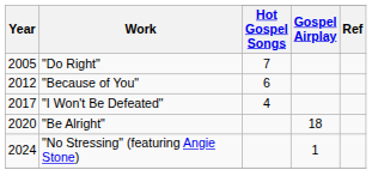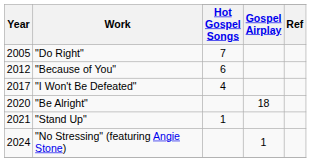 <table class="wikitable">
 <tr>
 <th rowspan="2">Year</th>
 <th width="250" rowspan="2">Work</th>
 </tr>
 <tr>
 <th width="36"><a href='#'>Hot Gospel Songs</a></th>
 <th width="36"><a href='#'>Gospel Airplay</a></th>
 <th width="20">Ref</th>
 </tr>
 <tr>
 <td rowspan="1">2005</td>
 <td>"Do Right"</td>
 <td align="center">7</td>
 <td align="center"></td>
 <td></td>
 </tr>
 <tr>
 <td rowspan="1">2012</td>
 <td>"Because of You"</td>
 <td align="center">6</td>
 <td align="center"></td>
 <td></td>
 </tr>
 <tr>
 <td rowspan="1">2017</td>
 <td>"I Won't Be Defeated"</td>
 <td align="center">4</td>
 <td align="center"></td>
 <td></td>
 </tr>
 <tr>
 <td rowspan="1">2020</td>
 <td>"Be Alright"</td>
 <td align="center"></td>
 <td align="center">18</td>
 <td></td>
 </tr>
 <tr>
+<td rowspan="1">2021</td>
+<td>"Stand Up"</td>
+<td align="center">1</td>
+<td align="center"></td>
+<td></td>
+</tr>
+<tr>
 <td rowspan="1">2024</td>
 <td>"No Stressing" (featuring <a href='#'>Angie Stone</a>)</td>
 <td align="center"></td>
 <td align="center">1</td>
 <td></td>
 </tr>
 <tr>
 </tr>
 </table>
